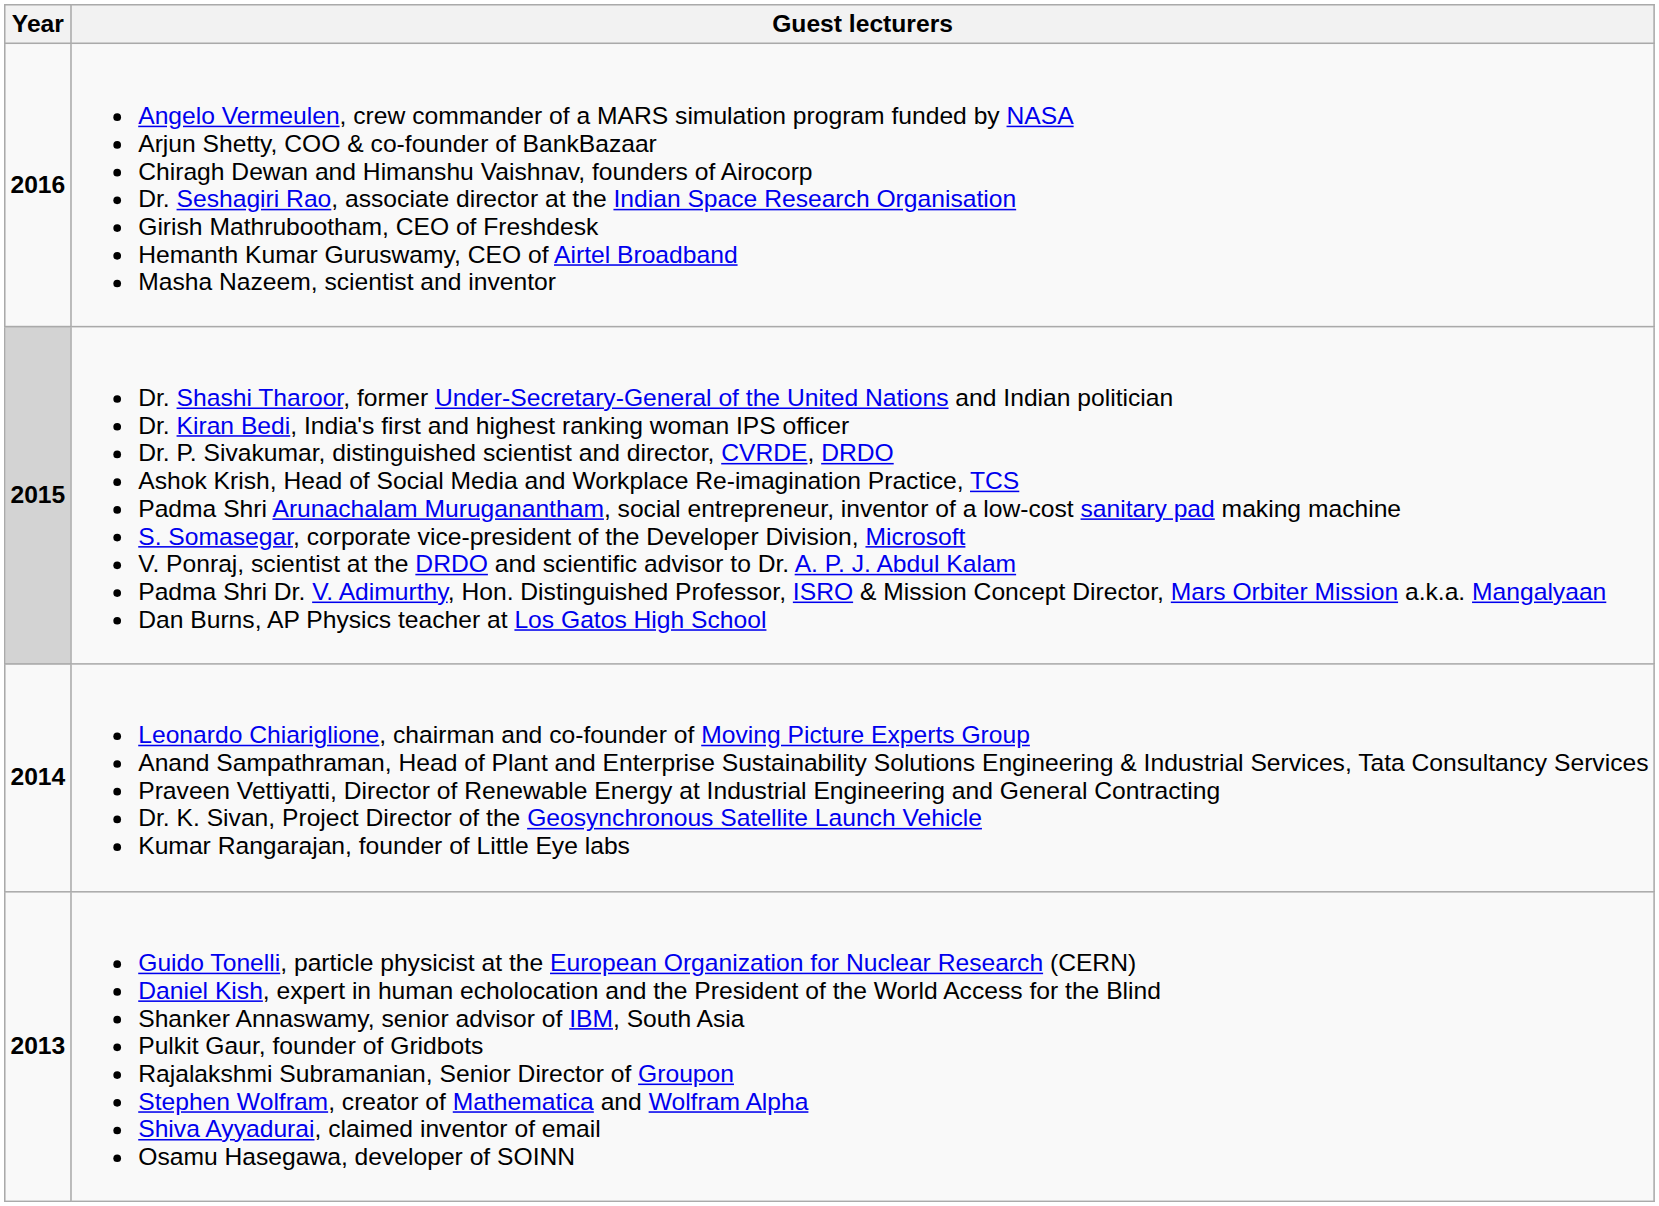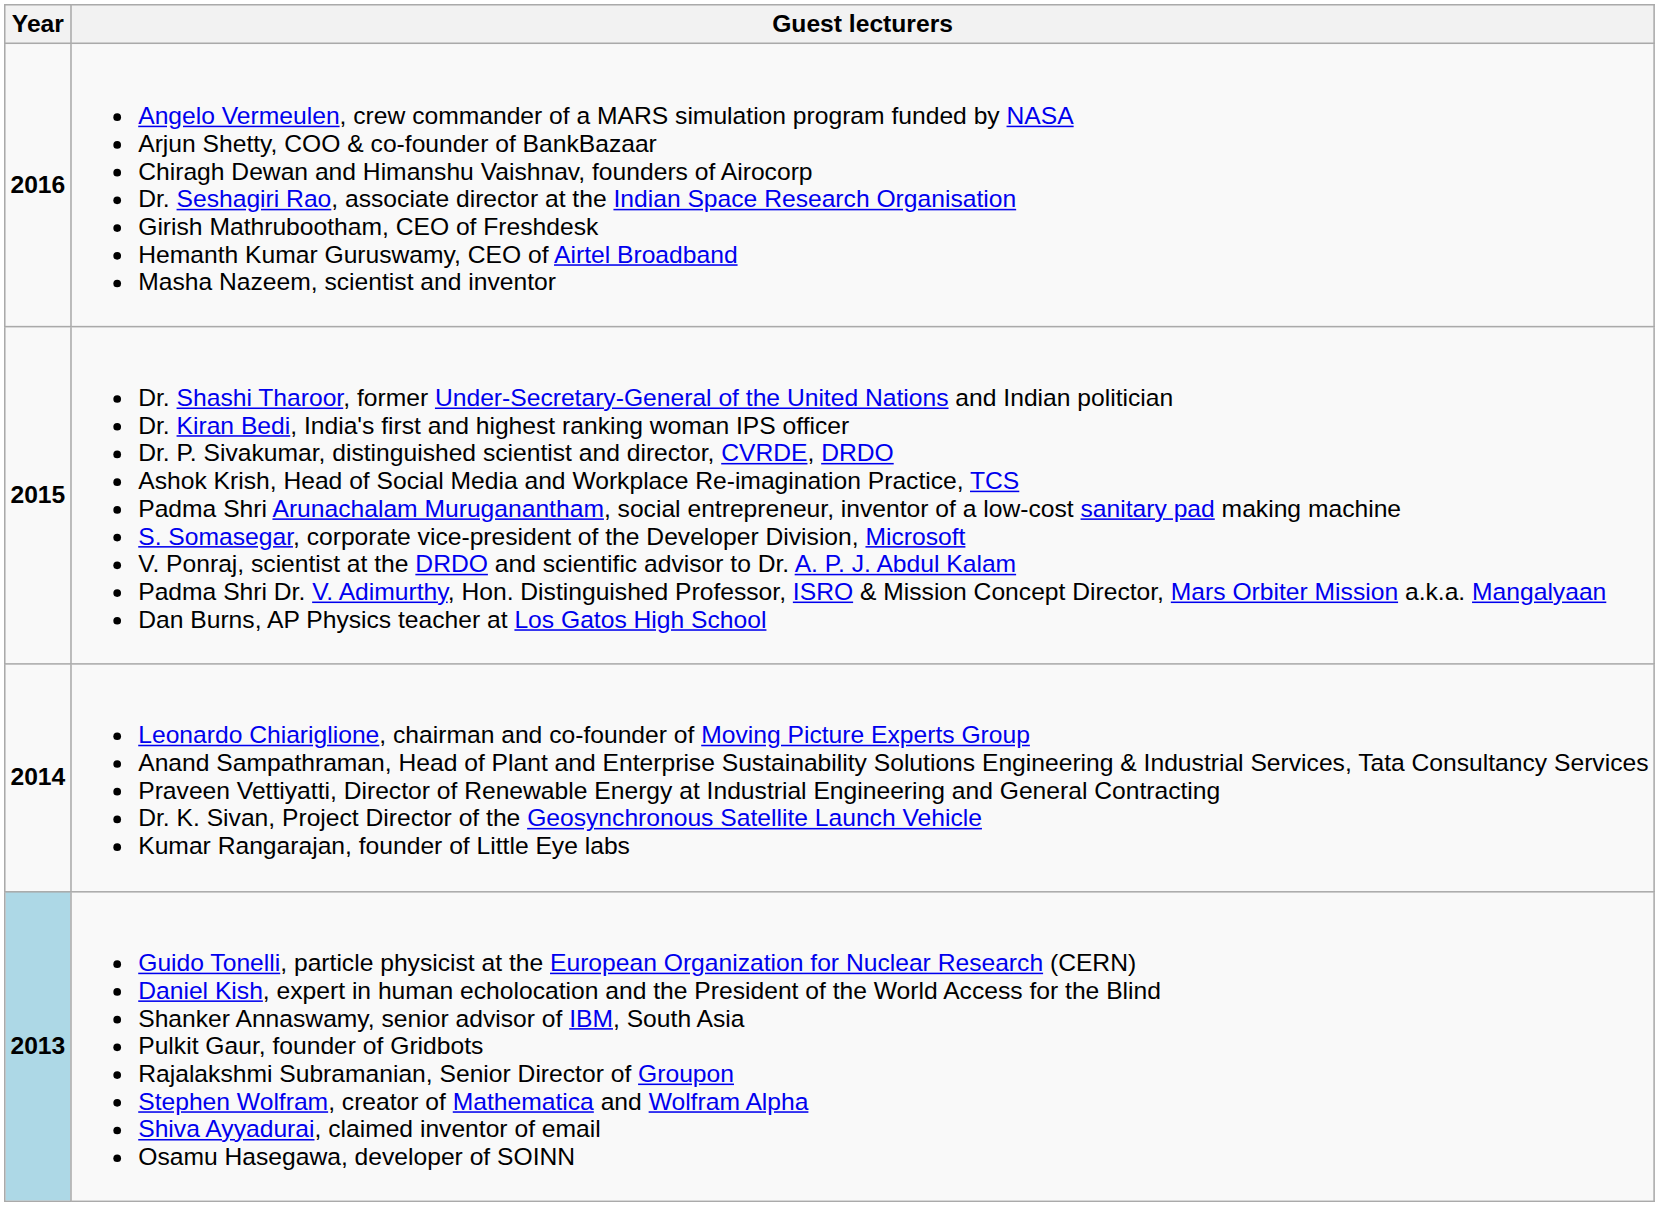 <table class="wikitable">
 <tr>
 <th>Year</th>
 <th>Guest lecturers</th>
 </tr>
 <tr>
 <td><strong>2016</strong></td>
 <td><br><ul><li><a href='#'>Angelo Vermeulen</a>, crew commander of a MARS simulation program funded by <a href='#'>NASA</a></li><li>Arjun Shetty, COO & co-founder of BankBazaar</li><li>Chiragh Dewan and Himanshu Vaishnav, founders of Airocorp</li><li>Dr. <a href='#'>Seshagiri Rao</a>, associate director at the <a href='#'>Indian Space Research Organisation</a></li><li>Girish Mathrubootham, CEO of Freshdesk</li><li>Hemanth Kumar Guruswamy, CEO of <a href='#'>Airtel Broadband</a></li><li>Masha Nazeem, scientist and inventor</li></ul></td>
 </tr>
 <tr>
-<td style="background: lightgrey;"><strong>2015</strong></td>
+<td><strong>2015</strong></td>
 <td><br><ul><li>Dr. <a href='#'>Shashi Tharoor</a>, former <a href='#'>Under-Secretary-General of the United Nations</a> and Indian politician</li><li>Dr. <a href='#'>Kiran Bedi</a>, India's first and highest ranking woman IPS officer</li><li>Dr. P. Sivakumar, distinguished scientist and director, <a href='#'>CVRDE</a>, <a href='#'>DRDO</a></li><li>Ashok Krish, Head of Social Media and Workplace Re-imagination Practice, <a href='#'>TCS</a></li><li>Padma Shri <a href='#'>Arunachalam Muruganantham</a>, social entrepreneur, inventor of a low-cost <a href='#'>sanitary pad</a> making machine</li><li><a href='#'>S. Somasegar</a>, corporate vice-president of the Developer Division, <a href='#'>Microsoft</a></li><li>V. Ponraj, scientist at the <a href='#'>DRDO</a> and scientific advisor to Dr. <a href='#'>A. P. J. Abdul Kalam</a></li><li>Padma Shri Dr. <a href='#'>V. Adimurthy</a>, Hon. Distinguished Professor, <a href='#'>ISRO</a> & Mission Concept Director, <a href='#'>Mars Orbiter Mission</a> a.k.a. <a href='#'>Mangalyaan</a></li><li>Dan Burns, AP Physics teacher at <a href='#'>Los Gatos High School</a></li></ul></td>
 </tr>
 <tr>
 <td><strong>2014</strong></td>
 <td><br><ul><li><a href='#'>Leonardo Chiariglione</a>, chairman and co-founder of <a href='#'>Moving Picture Experts Group</a></li><li>Anand Sampathraman, Head of Plant and Enterprise Sustainability Solutions Engineering & Industrial Services, Tata Consultancy Services</li><li>Praveen Vettiyatti, Director of Renewable Energy at Industrial Engineering and General Contracting</li><li>Dr. K. Sivan, Project Director of the <a href='#'>Geosynchronous Satellite Launch Vehicle</a></li><li>Kumar Rangarajan, founder of Little Eye labs</li></ul></td>
 </tr>
 <tr>
-<td><strong>2013</strong></td>
+<td style="background: lightblue;"><strong>2013</strong></td>
 <td><br><ul><li><a href='#'>Guido Tonelli</a>, particle physicist at the <a href='#'>European Organization for Nuclear Research</a> (CERN)</li><li><a href='#'>Daniel Kish</a>, expert in human echolocation and the President of the World Access for the Blind</li><li>Shanker Annaswamy, senior advisor of <a href='#'>IBM</a>, South Asia</li><li>Pulkit Gaur, founder of Gridbots</li><li>Rajalakshmi Subramanian, Senior Director of <a href='#'>Groupon</a></li><li><a href='#'>Stephen Wolfram</a>, creator of <a href='#'>Mathematica</a> and <a href='#'>Wolfram Alpha</a></li><li><a href='#'>Shiva Ayyadurai</a>, claimed inventor of email</li><li>Osamu Hasegawa, developer of SOINN</li></ul></td>
 </tr>
 </table>
